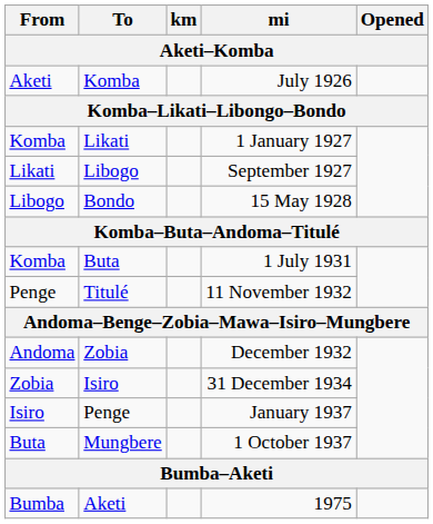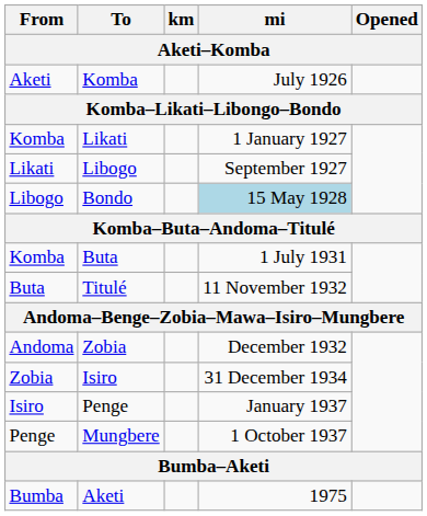 <table class=wikitable>
 <tr>
 <th>From</th>
 <th>To</th>
 <th>km</th>
 <th>mi</th>
 <th>Opened</th>
 </tr>
 <tr>
 <th colspan=5 style="text-align:center;">Aketi–Komba</th>
 </tr>
 <tr>
 <td><a href='#'>Aketi</a></td>
 <td><a href='#'>Komba</a></td>
 <td></td>
 <td style="text-align:right;">July 1926</td>
 </tr>
 <tr>
 <th colspan=5 style="text-align:center;">Komba–Likati–Libongo–Bondo</th>
 </tr>
 <tr>
 <td><a href='#'>Komba</a></td>
 <td><a href='#'>Likati</a></td>
 <td></td>
 <td style="text-align:right;">1 January 1927</td>
 </tr>
 <tr>
 <td><a href='#'>Likati</a></td>
 <td><a href='#'>Libogo</a></td>
 <td></td>
 <td style="text-align:right;">September 1927</td>
 </tr>
 <tr>
 <td><a href='#'>Libogo</a></td>
 <td><a href='#'>Bondo</a></td>
 <td></td>
-<td style="text-align:right;">15 May 1928</td>
+<td style="background: lightblue; text-align:right;">15 May 1928</td>
 </tr>
 <tr>
 <th colspan=5 style="text-align:center;">Komba–Buta–Andoma–Titulé</th>
 </tr>
 <tr>
 <td><a href='#'>Komba</a></td>
 <td><a href='#'>Buta</a></td>
 <td></td>
 <td style="text-align:right;">1 July 1931</td>
 </tr>
 <tr>
-<td>Penge</td>
+<td><a href='#'>Buta</a></td>
 <td><a href='#'>Titulé</a></td>
 <td></td>
 <td style="text-align:right;">11 November 1932</td>
 </tr>
 <tr>
 <th colspan=5 style="text-align:center;">Andoma–Benge–Zobia–Mawa–Isiro–Mungbere</th>
 </tr>
 <tr>
 <td><a href='#'>Andoma</a></td>
 <td><a href='#'>Zobia</a></td>
 <td></td>
 <td style="text-align:right;">December 1932</td>
 </tr>
 <tr>
 <td><a href='#'>Zobia</a></td>
 <td><a href='#'>Isiro</a></td>
 <td></td>
 <td style="text-align:right;">31 December 1934</td>
 </tr>
 <tr>
 <td><a href='#'>Isiro</a></td>
 <td>Penge</td>
 <td></td>
 <td style="text-align:right;">January 1937</td>
 </tr>
 <tr>
-<td><a href='#'>Buta</a></td>
+<td>Penge</td>
 <td><a href='#'>Mungbere</a></td>
 <td></td>
 <td style="text-align:right;">1 October 1937</td>
 </tr>
 <tr>
 <th colspan=5 style="text-align:center;">Bumba–Aketi</th>
 </tr>
 <tr>
 <td><a href='#'>Bumba</a></td>
 <td><a href='#'>Aketi</a></td>
 <td></td>
 <td style="text-align:right;">1975</td>
 </tr>
 </table>
